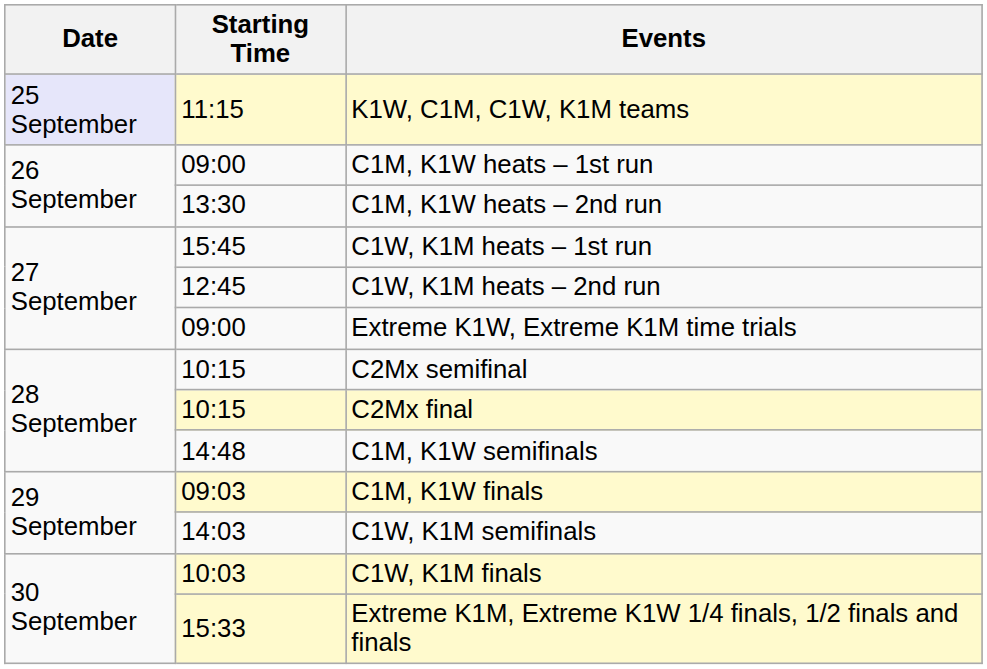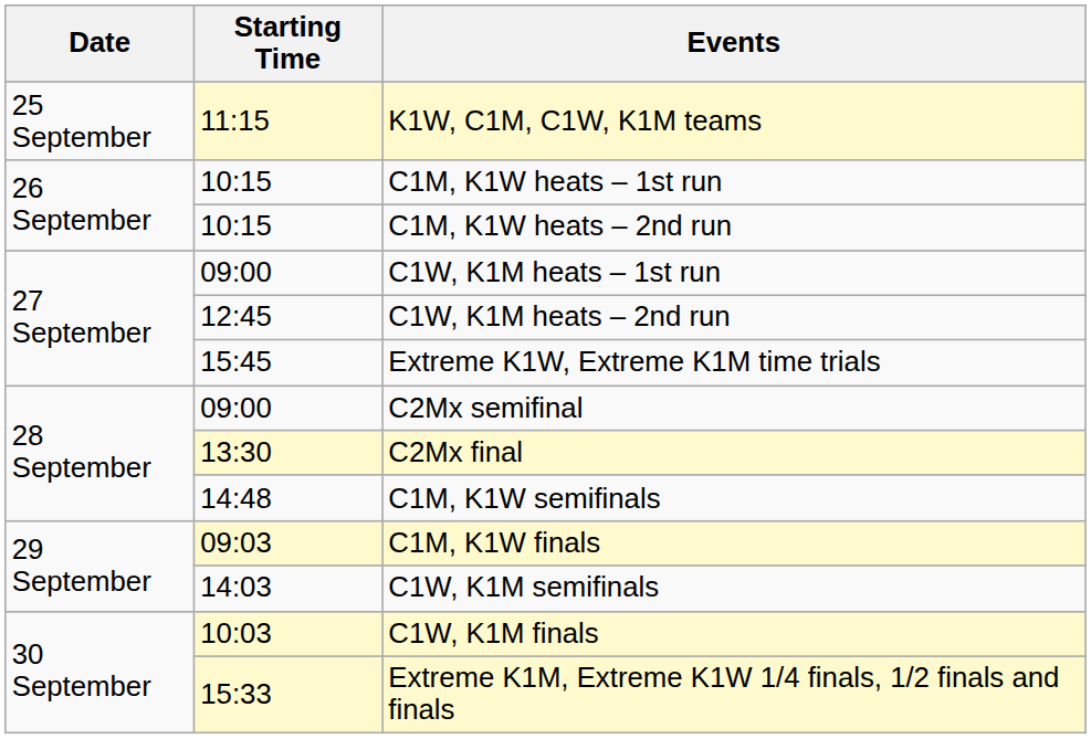 <table class="wikitable">
 <tr>
 <th>Date</th>
 <th>Starting Time</th>
 <th>Events</th>
 </tr>
 <tr>
-<td style="background: lavender;">25 September</td>
+<td>25 September</td>
 <td bgcolor=lemonchiffon>11:15</td>
 <td bgcolor=lemonchiffon>K1W, C1M, C1W, K1M teams</td>
 </tr>
 <tr>
 <td rowspan=2>26 September</td>
-<td>09:00</td>
+<td>10:15</td>
 <td>C1M, K1W heats – 1st run</td>
 </tr>
 <tr>
-<td>13:30</td>
+<td>10:15</td>
 <td>C1M, K1W heats – 2nd run</td>
 </tr>
 <tr>
 <td rowspan=3>27 September</td>
-<td>15:45</td>
+<td>09:00</td>
 <td>C1W, K1M heats – 1st run</td>
 </tr>
 <tr>
 <td>12:45</td>
 <td>C1W, K1M heats – 2nd run</td>
 </tr>
 <tr>
-<td>09:00</td>
+<td>15:45</td>
 <td>Extreme K1W, Extreme K1M time trials</td>
 </tr>
 <tr>
 <td rowspan=3>28 September</td>
-<td>10:15</td>
+<td>09:00</td>
 <td>C2Mx semifinal</td>
 </tr>
 <tr bgcolor=lemonchiffon>
-<td>10:15</td>
+<td>13:30</td>
 <td>C2Mx final</td>
 </tr>
 <tr>
 <td>14:48</td>
 <td>C1M, K1W semifinals</td>
 </tr>
 <tr>
 <td rowspan=2>29 September</td>
 <td bgcolor=lemonchiffon>09:03</td>
 <td bgcolor=lemonchiffon>C1M, K1W finals</td>
 </tr>
 <tr>
 <td>14:03</td>
 <td>C1W, K1M semifinals</td>
 </tr>
 <tr>
 <td rowspan=2>30 September</td>
 <td bgcolor=lemonchiffon>10:03</td>
 <td bgcolor=lemonchiffon>C1W, K1M finals</td>
 </tr>
 <tr bgcolor=lemonchiffon>
 <td>15:33</td>
 <td>Extreme K1M, Extreme K1W 1/4 finals, 1/2 finals and finals</td>
 </tr>
 </table>
